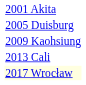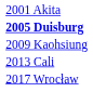 <table>
 <tr>
 <td><a href='#'>2001 Akita</a></td>
 <td></td>
 <td></td>
 <td></td>
 </tr>
 <tr>
-<td><a href='#'>2005 Duisburg</a></td>
+<td><strong><a href='#'>2005 Duisburg</a></strong></td>
 <td></td>
 <td></td>
 <td></td>
 </tr>
 <tr>
 <td><a href='#'>2009 Kaohsiung</a></td>
 <td></td>
 <td></td>
 <td></td>
 </tr>
 <tr>
 <td><a href='#'>2013 Cali</a></td>
 <td></td>
 <td></td>
 <td></td>
 </tr>
 <tr>
-<td style="background: lightyellow;"><a href='#'>2017 Wrocław</a></td>
+<td><a href='#'>2017 Wrocław</a></td>
 <td></td>
 <td></td>
 <td></td>
 </tr>
 </table>
